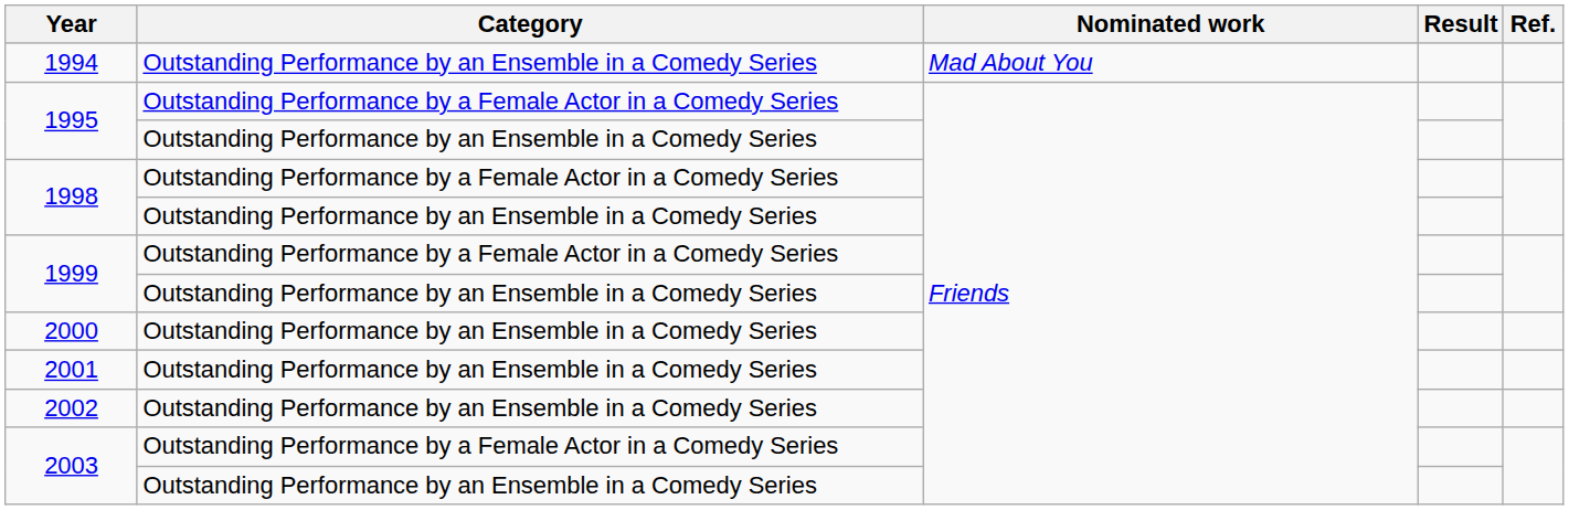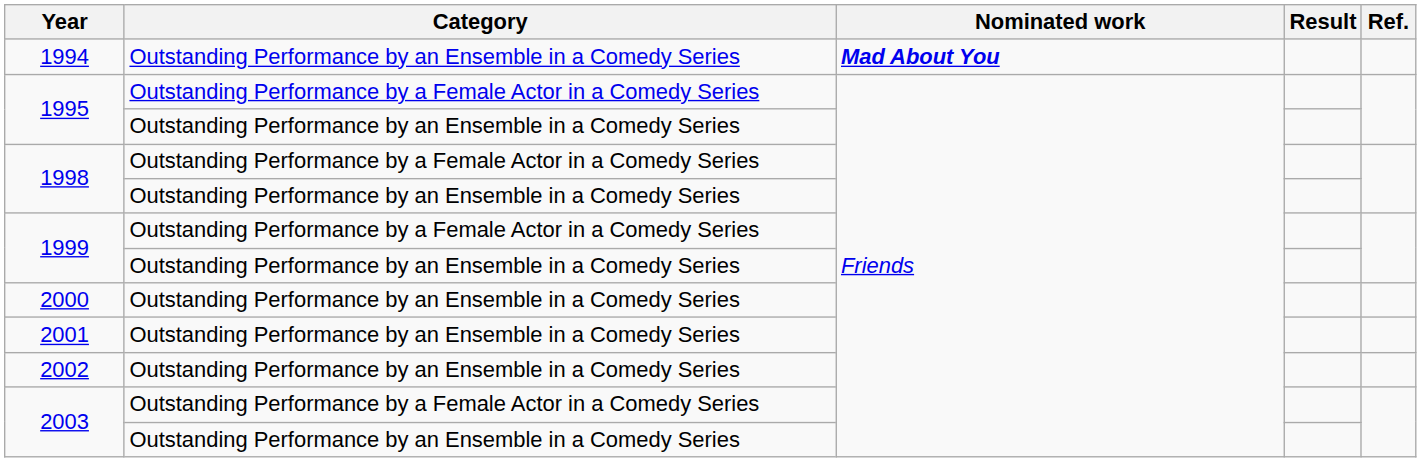 <table class=wikitable>
 <tr>
 <th scope="col" style="width:5em;">Year</th>
 <th scope="col" style="width:32em;">Category</th>
 <th scope="col" style="width:20em;">Nominated work</th>
 <th scope="col" style="width:3em;">Result</th>
 <th scope="col" style="width:2em;">Ref.</th>
 </tr>
 <tr>
 <td align="center"><a href='#'>1994</a></td>
 <td><a href='#'>Outstanding Performance by an Ensemble in a Comedy Series</a></td>
-<td><em><a href='#'>Mad About You</a></em></td>
+<td><strong><em><a href='#'>Mad About You</a></em></strong></td>
 <td></td>
 <td align="center"></td>
 </tr>
 <tr>
 <td rowspan="2" align="center"><a href='#'>1995</a></td>
 <td><a href='#'>Outstanding Performance by a Female Actor in a Comedy Series</a></td>
 <td rowspan="11"><em><a href='#'>Friends</a></em></td>
 <td></td>
 <td rowspan="2" align="center"></td>
 </tr>
 <tr>
 <td>Outstanding Performance by an Ensemble in a Comedy Series</td>
 <td></td>
 </tr>
 <tr>
 <td rowspan="2" align="center"><a href='#'>1998</a></td>
 <td>Outstanding Performance by a Female Actor in a Comedy Series</td>
 <td></td>
 <td rowspan="2" align="center"></td>
 </tr>
 <tr>
 <td>Outstanding Performance by an Ensemble in a Comedy Series</td>
 <td></td>
 </tr>
 <tr>
 <td rowspan="2" align="center"><a href='#'>1999</a></td>
 <td>Outstanding Performance by a Female Actor in a Comedy Series</td>
 <td></td>
 <td rowspan="2" align="center"></td>
 </tr>
 <tr>
 <td>Outstanding Performance by an Ensemble in a Comedy Series</td>
 <td></td>
 </tr>
 <tr>
 <td align="center"><a href='#'>2000</a></td>
 <td>Outstanding Performance by an Ensemble in a Comedy Series</td>
 <td></td>
 <td align="center"></td>
 </tr>
 <tr>
 <td align="center"><a href='#'>2001</a></td>
 <td>Outstanding Performance by an Ensemble in a Comedy Series</td>
 <td></td>
 <td align="center"></td>
 </tr>
 <tr>
 <td align="center"><a href='#'>2002</a></td>
 <td>Outstanding Performance by an Ensemble in a Comedy Series</td>
 <td></td>
 <td align="center"></td>
 </tr>
 <tr>
 <td rowspan="2" align="center"><a href='#'>2003</a></td>
 <td>Outstanding Performance by a Female Actor in a Comedy Series</td>
 <td></td>
 <td rowspan="2" align="center"></td>
 </tr>
 <tr>
 <td>Outstanding Performance by an Ensemble in a Comedy Series</td>
 <td></td>
 </tr>
 </table>
